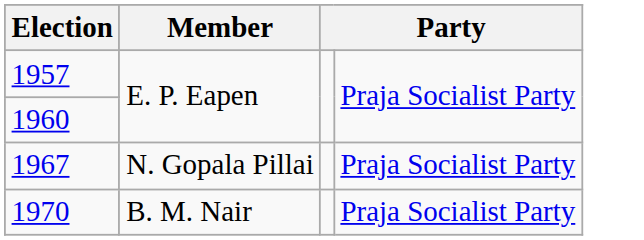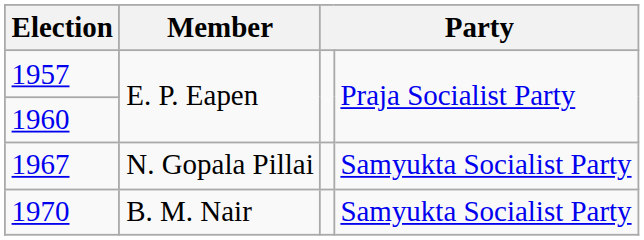 <table class="wikitable sortable">
 <tr>
 <th>Election</th>
 <th>Member</th>
 <th colspan="2">Party</th>
 </tr>
 <tr>
 <td><a href='#'>1957</a></td>
 <td rowspan="2">E. P. Eapen</td>
 <td rowspan="2" style="background-color: "></td>
 <td rowspan="2"><a href='#'>Praja Socialist Party</a></td>
 </tr>
 <tr>
 <td><a href='#'>1960</a></td>
 </tr>
 <tr>
 <td><a href='#'>1967</a></td>
 <td>N. Gopala Pillai</td>
 <td style="background-color: "></td>
-<td><a href='#'>Praja Socialist Party</a></td>
+<td><a href='#'>Samyukta Socialist Party</a></td>
 </tr>
 <tr>
 <td><a href='#'>1970</a></td>
 <td>B. M. Nair</td>
 <td style="background-color: "></td>
-<td><a href='#'>Praja Socialist Party</a></td>
+<td><a href='#'>Samyukta Socialist Party</a></td>
 </tr>
 </table>
